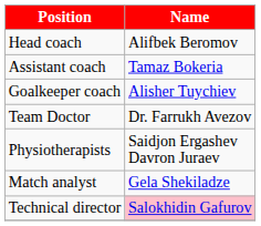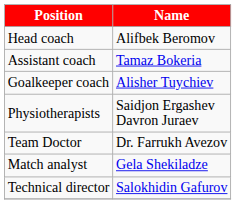 <table class="wikitable">
 <tr>
 <th style="color:#FFFFFF;background:#FF0000">Position</th>
 <th style="color:#FFFFFF;background:#FF0000">Name</th>
 </tr>
 <tr>
 <td style="text-align:left;">Head coach</td>
 <td style="text-align:left;"> Alifbek Beromov</td>
 </tr>
 <tr>
 <td style="text-align:left;">Assistant coach</td>
 <td style="text-align:left;"> <a href='#'>Tamaz Bokeria</a></td>
 </tr>
 <tr>
 <td style="text-align:left;">Goalkeeper coach</td>
 <td style="text-align:left;"> <a href='#'>Alisher Tuychiev</a></td>
 </tr>
 <tr>
+<td style="text-align:left;">Physiotherapists</td>
+<td style="text-align:left;"> Saidjon Ergashev<br> Davron Juraev</td>
+</tr>
+<tr>
 <td style="text-align:left;">Team Doctor</td>
 <td style="text-align:left;"> Dr. Farrukh Avezov</td>
-</tr>
-<tr>
-<td style="text-align:left;">Physiotherapists</td>
-<td style="text-align:left;"> Saidjon Ergashev<br> Davron Juraev</td>
 </tr>
 <tr>
 <td style="text-align:left;">Match analyst</td>
 <td style="text-align:left;"> <a href='#'>Gela Shekiladze</a></td>
 </tr>
 <tr>
 <td style="text-align:left;">Technical director</td>
-<td style="background: pink; text-align:left;"> <a href='#'>Salokhidin Gafurov</a></td>
+<td style="text-align:left;"> <a href='#'>Salokhidin Gafurov</a></td>
 </tr>
 <tr>
 </tr>
 </table>
